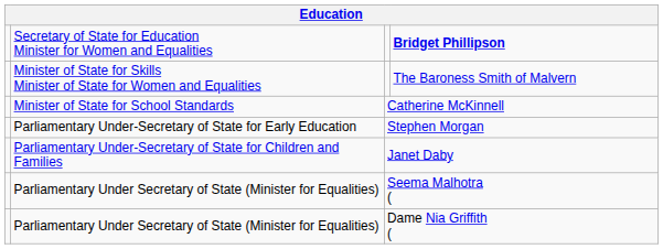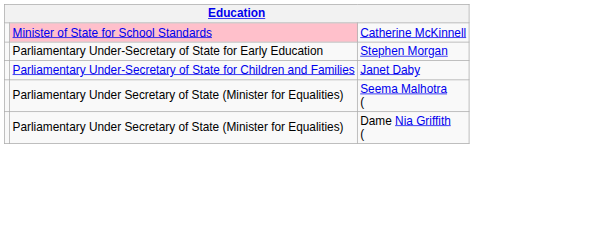 <table class="wikitable">
 <tr>
 <th colspan="4"><a href='#'>Education</a></th>
 </tr>
 <tr>
 <td style="background: "></td>
-<td style="width: 450px;"><a href='#'>Secretary of State for Education</a><br><a href='#'>Minister for Women and Equalities</a></td>
-<td style="background: "></td>
-<td style="width: 320px;"><strong><a href='#'>Bridget Phillipson</a></strong></td>
-</tr>
-<tr>
-<td style="background: "></td>
-<td><a href='#'>Minister of State for Skills</a><br><a href='#'>Minister of State for Women and Equalities</a></td>
-<td style="background: "></td>
-<td><a href='#'>The Baroness Smith of Malvern</a><br></td>
-</tr>
-<tr>
-<td style="background: "></td>
-<td><a href='#'>Minister of State for School Standards</a></td>
+<td style="background: pink;"><a href='#'>Minister of State for School Standards</a></td>
 <td colspan="2"><a href='#'>Catherine McKinnell</a></td>
 </tr>
 <tr>
 <td style="background: "></td>
 <td>Parliamentary Under-Secretary of State for Early Education</td>
 <td colspan="2"><a href='#'>Stephen Morgan</a></td>
 </tr>
 <tr>
 <td style="background: "></td>
 <td><a href='#'>Parliamentary Under-Secretary of State for Children and Families</a></td>
 <td colspan="2"><a href='#'>Janet Daby</a></td>
 </tr>
 <tr>
 <td style="background: "></td>
 <td>Parliamentary Under Secretary of State (Minister for Equalities)</td>
 <td colspan="2"><a href='#'>Seema Malhotra</a><br>(</td>
 </tr>
 <tr>
 <td style="background: "></td>
 <td>Parliamentary Under Secretary of State (Minister for Equalities)</td>
 <td colspan="2">Dame <a href='#'>Nia Griffith</a> <br>(</td>
 </tr>
 </table>
